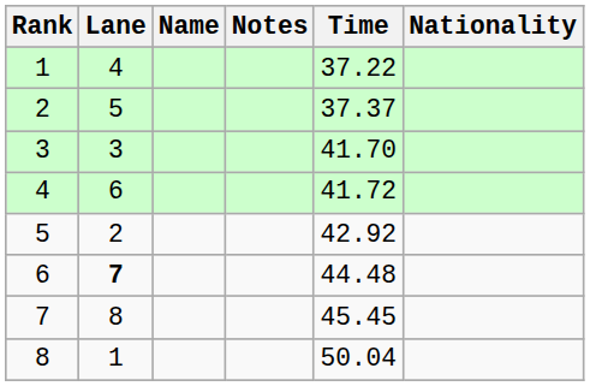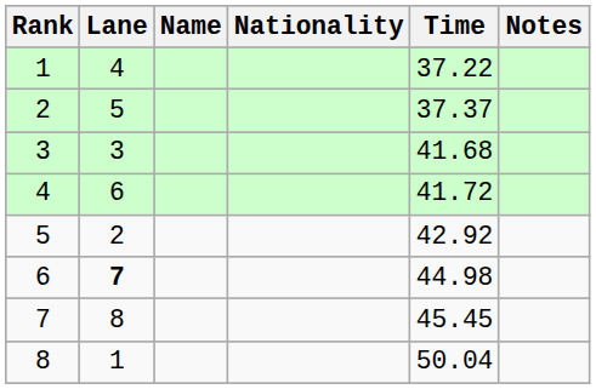 <table class="wikitable sortable" style="text-align:center">
 <tr>
 <th>Rank</th>
 <th>Lane</th>
 <th>Name</th>
+<th>Nationality</th>
+<th>Time</th>
 <th>Notes</th>
-<th>Time</th>
-<th>Nationality</th>
 </tr>
 <tr bgcolor=ccffcc>
 <td>1</td>
 <td>4</td>
 <td align=left></td>
+<td align=left></td>
+<td>37.22</td>
 <td><strong></strong></td>
-<td>37.22</td>
-<td align=left></td>
 </tr>
 <tr bgcolor=ccffcc>
 <td>2</td>
 <td>5</td>
 <td align=left></td>
+<td align=left></td>
+<td>37.37</td>
 <td><strong></strong></td>
-<td>37.37</td>
-<td align=left></td>
 </tr>
 <tr bgcolor=ccffcc>
 <td>3</td>
 <td>3</td>
 <td align=left></td>
+<td align=left></td>
+<td>41.68</td>
 <td><strong></strong></td>
-<td>41.70</td>
-<td align=left></td>
 </tr>
 <tr bgcolor=ccffcc>
 <td>4</td>
 <td>6</td>
 <td align=left></td>
+<td align=left></td>
+<td>41.72</td>
 <td><strong></strong></td>
-<td>41.72</td>
-<td align=left></td>
 </tr>
 <tr>
 <td>5</td>
 <td>2</td>
 <td align=left></td>
+<td align=left></td>
+<td>42.92</td>
 <td></td>
-<td>42.92</td>
-<td align=left></td>
 </tr>
 <tr>
 <td>6</td>
 <td><strong>7</strong></td>
 <td align=left></td>
+<td align=left></td>
+<td>44.98</td>
 <td></td>
-<td>44.48</td>
-<td align=left></td>
 </tr>
 <tr>
 <td>7</td>
 <td>8</td>
 <td align=left></td>
+<td align=left></td>
+<td>45.45</td>
 <td></td>
-<td>45.45</td>
-<td align=left></td>
 </tr>
 <tr>
 <td>8</td>
 <td>1</td>
 <td align=left></td>
+<td align=left></td>
+<td>50.04</td>
 <td></td>
-<td>50.04</td>
-<td align=left></td>
 </tr>
 </table>
